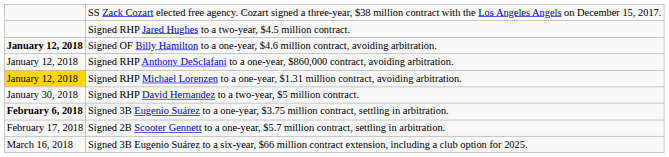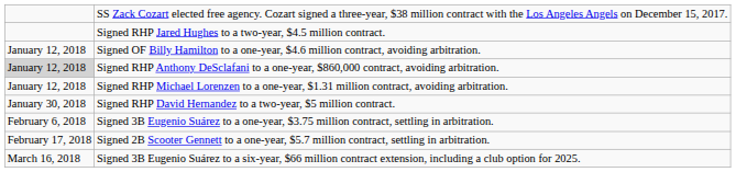 <table class="wikitable">
 <tr>
 <td></td>
 <td>SS <a href='#'>Zack Cozart</a> elected free agency. Cozart signed a three-year, $38 million contract with the <a href='#'>Los Angeles Angels</a> on December 15, 2017.</td>
 </tr>
 <tr>
 <td></td>
 <td>Signed RHP <a href='#'>Jared Hughes</a> to a two-year, $4.5 million contract.</td>
 </tr>
 <tr>
-<td><strong>January 12, 2018</strong></td>
+<td>January 12, 2018</td>
 <td>Signed OF <a href='#'>Billy Hamilton</a> to a one-year, $4.6 million contract, avoiding arbitration.</td>
 </tr>
 <tr>
-<td>January 12, 2018</td>
+<td style="background: lightgrey;">January 12, 2018</td>
 <td>Signed RHP <a href='#'>Anthony DeSclafani</a> to a one-year, $860,000 contract, avoiding arbitration.</td>
 </tr>
 <tr>
-<td style="background: gold;">January 12, 2018</td>
+<td>January 12, 2018</td>
 <td>Signed RHP <a href='#'>Michael Lorenzen</a> to a one-year, $1.31 million contract, avoiding arbitration.</td>
 </tr>
 <tr>
 <td>January 30, 2018</td>
 <td>Signed RHP <a href='#'>David Hernandez</a> to a two-year, $5 million contract.</td>
 </tr>
 <tr>
-<td><strong>February 6, 2018</strong></td>
+<td>February 6, 2018</td>
 <td>Signed 3B <a href='#'>Eugenio Suárez</a> to a one-year, $3.75 million contract, settling in arbitration.</td>
 </tr>
 <tr>
 <td>February 17, 2018</td>
 <td>Signed 2B <a href='#'>Scooter Gennett</a> to a one-year, $5.7 million contract, settling in arbitration.</td>
 </tr>
 <tr>
 <td>March 16, 2018</td>
 <td>Signed 3B Eugenio Suárez to a six-year, $66 million contract extension, including a club option for 2025.</td>
 </tr>
 </table>
